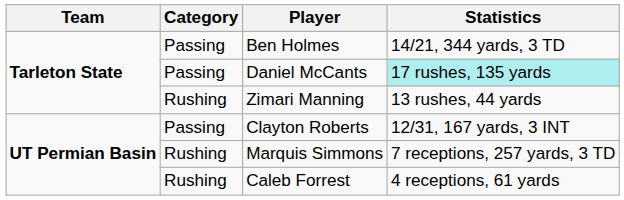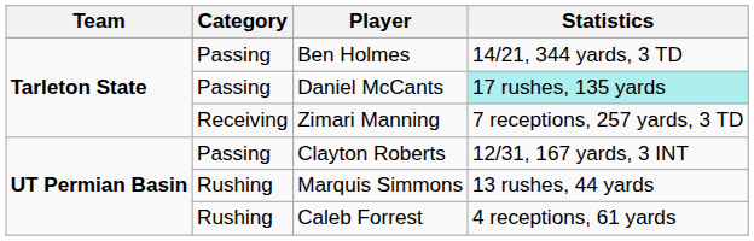 <table class="wikitable" style="float: right;">
 <tr>
 <th>Team</th>
 <th>Category</th>
 <th>Player</th>
 <th>Statistics</th>
 </tr>
 <tr>
 <td rowspan=3><strong>Tarleton State</strong></td>
 <td>Passing</td>
 <td>Ben Holmes</td>
 <td>14/21, 344 yards, 3 TD</td>
 </tr>
 <tr>
 <td>Passing</td>
 <td>Daniel McCants</td>
 <td style="background: paleturquoise;">17 rushes, 135 yards</td>
 </tr>
 <tr>
-<td>Rushing</td>
+<td>Receiving</td>
 <td>Zimari Manning</td>
-<td>13 rushes, 44 yards</td>
+<td>7 receptions, 257 yards, 3 TD</td>
 </tr>
 <tr>
 <td rowspan=3><strong>UT Permian Basin</strong></td>
 <td>Passing</td>
 <td>Clayton Roberts</td>
 <td>12/31, 167 yards, 3 INT</td>
 </tr>
 <tr>
 <td>Rushing</td>
 <td>Marquis Simmons</td>
-<td>7 receptions, 257 yards, 3 TD</td>
+<td>13 rushes, 44 yards</td>
 </tr>
 <tr>
 <td>Rushing</td>
 <td>Caleb Forrest</td>
 <td>4 receptions, 61 yards</td>
 </tr>
 </table>
